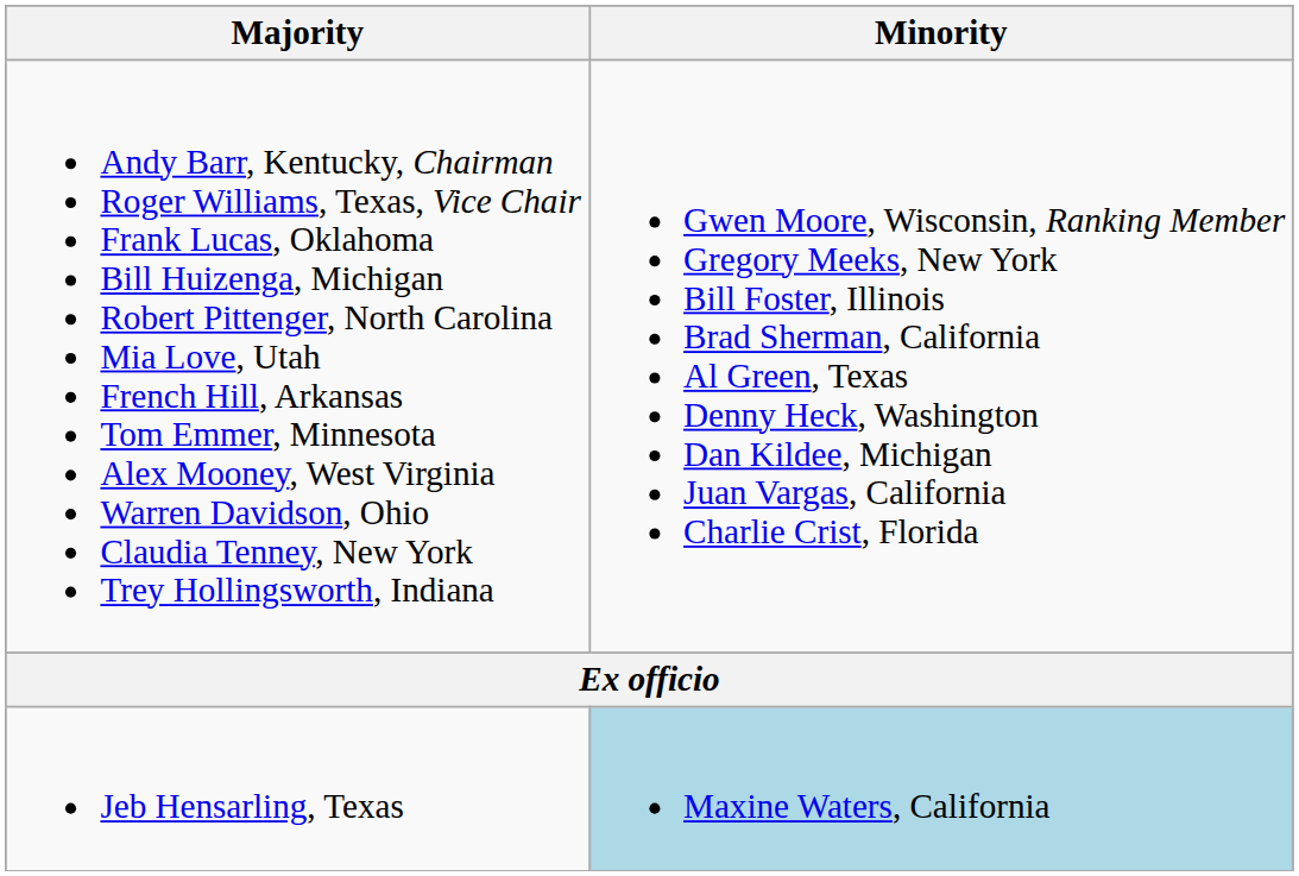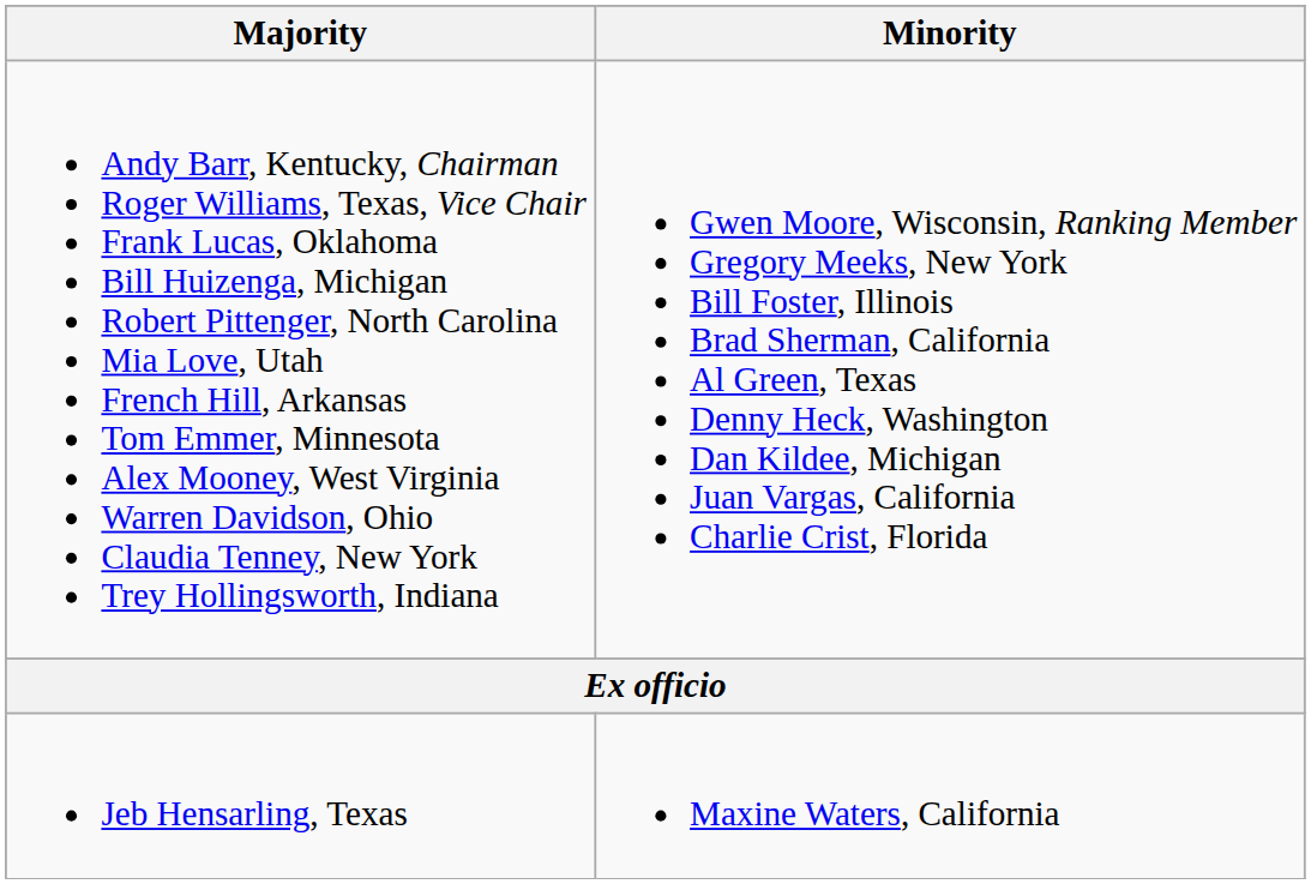 <table class=wikitable>
 <tr>
 <th>Majority</th>
 <th>Minority</th>
 </tr>
 <tr>
 <td><br><ul><li><a href='#'>Andy Barr</a>, Kentucky, <em>Chairman</em></li><li><a href='#'>Roger Williams</a>, Texas, <em>Vice Chair</em></li><li><a href='#'>Frank Lucas</a>, Oklahoma</li><li><a href='#'>Bill Huizenga</a>, Michigan</li><li><a href='#'>Robert Pittenger</a>, North Carolina</li><li><a href='#'>Mia Love</a>, Utah</li><li><a href='#'>French Hill</a>, Arkansas</li><li><a href='#'>Tom Emmer</a>, Minnesota</li><li><a href='#'>Alex Mooney</a>, West Virginia</li><li><a href='#'>Warren Davidson</a>, Ohio</li><li><a href='#'>Claudia Tenney</a>, New York</li><li><a href='#'>Trey Hollingsworth</a>, Indiana</li></ul></td>
 <td><br><ul><li><a href='#'>Gwen Moore</a>, Wisconsin, <em>Ranking Member</em></li><li><a href='#'>Gregory Meeks</a>, New York</li><li><a href='#'>Bill Foster</a>, Illinois</li><li><a href='#'>Brad Sherman</a>, California</li><li><a href='#'>Al Green</a>, Texas</li><li><a href='#'>Denny Heck</a>, Washington</li><li><a href='#'>Dan Kildee</a>, Michigan</li><li><a href='#'>Juan Vargas</a>, California</li><li><a href='#'>Charlie Crist</a>, Florida</li></ul></td>
 </tr>
 <tr>
 <th colspan=2><em>Ex officio</em></th>
 </tr>
 <tr>
 <td><br><ul><li><a href='#'>Jeb Hensarling</a>, Texas</li></ul></td>
-<td style="background: lightblue;"><br><ul><li><a href='#'>Maxine Waters</a>, California</li></ul></td>
+<td><br><ul><li><a href='#'>Maxine Waters</a>, California</li></ul></td>
 </tr>
 </table>
